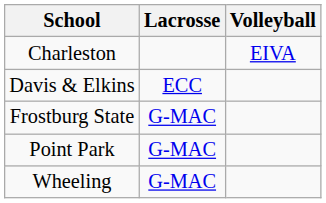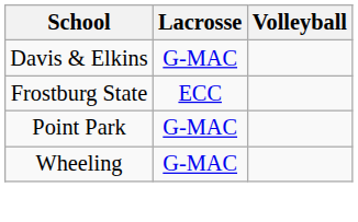 <table class="wikitable" style="text-align:center;">
 <tr>
 <th>School</th>
 <th>Lacrosse</th>
 <th>Volleyball</th>
 </tr>
 <tr>
-<td>Charleston</td>
-<td></td>
-<td><a href='#'>EIVA</a></td>
-</tr>
-<tr>
 <td>Davis & Elkins</td>
-<td><a href='#'>ECC</a></td>
+<td><a href='#'>G-MAC</a></td>
 <td></td>
 </tr>
 <tr>
 <td>Frostburg State</td>
-<td><a href='#'>G-MAC</a></td>
+<td><a href='#'>ECC</a></td>
 <td></td>
 </tr>
 <tr>
 <td>Point Park</td>
 <td><a href='#'>G-MAC</a></td>
 <td></td>
 </tr>
 <tr>
 <td>Wheeling</td>
 <td><a href='#'>G-MAC</a></td>
 <td></td>
 </tr>
 </table>
